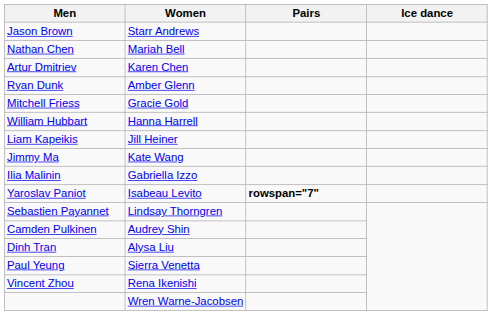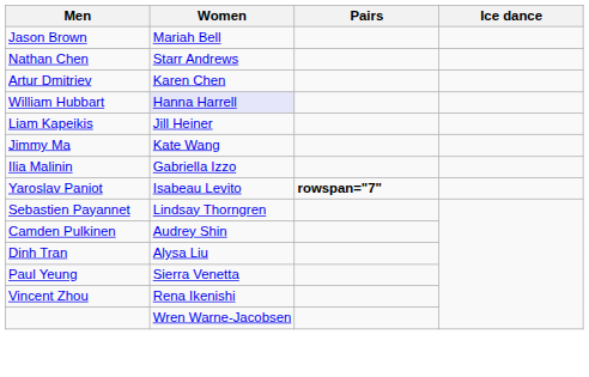 <table class="wikitable unsortable" style="text-align:left;">
 <tr>
 <th scope="col" style="width:25%">Men</th>
 <th scope="col" style="width:25%">Women</th>
 <th scope="col" style="width:25%">Pairs</th>
 <th scope="col" style="width:25%">Ice dance</th>
 </tr>
 <tr>
 <td><a href='#'>Jason Brown</a></td>
-<td><a href='#'>Starr Andrews</a></td>
+<td><a href='#'>Mariah Bell</a></td>
 <td></td>
 <td></td>
 </tr>
 <tr>
 <td><a href='#'>Nathan Chen</a></td>
-<td><a href='#'>Mariah Bell</a></td>
+<td><a href='#'>Starr Andrews</a></td>
 <td></td>
 <td></td>
 </tr>
 <tr>
 <td><a href='#'>Artur Dmitriev</a></td>
 <td><a href='#'>Karen Chen</a></td>
 <td></td>
 <td></td>
 </tr>
 <tr>
-<td><a href='#'>Ryan Dunk</a></td>
-<td><a href='#'>Amber Glenn</a></td>
-<td></td>
-<td></td>
-</tr>
-<tr>
-<td><a href='#'>Mitchell Friess</a></td>
-<td><a href='#'>Gracie Gold</a></td>
-<td></td>
-<td></td>
-</tr>
-<tr>
 <td><a href='#'>William Hubbart</a></td>
-<td><a href='#'>Hanna Harrell</a></td>
+<td style="background: lavender;"><a href='#'>Hanna Harrell</a></td>
 <td></td>
 <td></td>
 </tr>
 <tr>
 <td><a href='#'>Liam Kapeikis</a></td>
 <td><a href='#'>Jill Heiner</a></td>
 <td></td>
 <td></td>
 </tr>
 <tr>
 <td><a href='#'>Jimmy Ma</a></td>
 <td><a href='#'>Kate Wang</a></td>
 <td></td>
 <td></td>
 </tr>
 <tr>
 <td><a href='#'>Ilia Malinin</a></td>
 <td><a href='#'>Gabriella Izzo</a></td>
 <td></td>
 <td></td>
 </tr>
 <tr>
 <td><a href='#'>Yaroslav Paniot</a></td>
 <td><a href='#'>Isabeau Levito</a></td>
 <td><strong>rowspan="7" </strong></td>
 <td></td>
 </tr>
 <tr>
 <td><a href='#'>Sebastien Payannet</a></td>
 <td><a href='#'>Lindsay Thorngren</a></td>
 <td></td>
 </tr>
 <tr>
 <td><a href='#'>Camden Pulkinen</a></td>
 <td><a href='#'>Audrey Shin</a></td>
 <td></td>
 </tr>
 <tr>
 <td><a href='#'>Dinh Tran</a></td>
 <td><a href='#'>Alysa Liu</a></td>
 <td></td>
 </tr>
 <tr>
 <td><a href='#'>Paul Yeung</a></td>
 <td><a href='#'>Sierra Venetta</a></td>
 <td></td>
 </tr>
 <tr>
 <td><a href='#'>Vincent Zhou</a></td>
 <td><a href='#'>Rena Ikenishi</a></td>
 <td></td>
 </tr>
 <tr>
 <td></td>
 <td><a href='#'>Wren Warne-Jacobsen</a></td>
 <td></td>
 </tr>
 </table>
